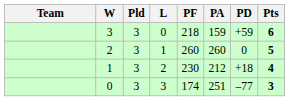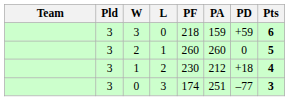 <table class="wikitable" style="text-align:center;">
 <tr>
 <th width=120>Team</th>
+<th width=30>Pld</th>
 <th width=30>W</th>
-<th width=30>Pld</th>
 <th width=30>L</th>
 <th width=30>PF</th>
 <th width=30>PA</th>
 <th width=30>PD</th>
 <th width=30>Pts</th>
 </tr>
 <tr bgcolor="#ccffcc">
 <td align="left"></td>
 <td>3</td>
 <td>3</td>
 <td>0</td>
 <td>218</td>
 <td>159</td>
 <td>+59</td>
 <td><strong>6</strong></td>
 </tr>
 <tr bgcolor="#ccffcc">
 <td align="left"></td>
+<td>3</td>
 <td>2</td>
-<td>3</td>
 <td>1</td>
 <td>260</td>
 <td>260</td>
 <td>0</td>
 <td><strong>5</strong></td>
 </tr>
 <tr bgcolor="#ccffcc">
 <td align="left"></td>
+<td>3</td>
 <td>1</td>
-<td>3</td>
 <td>2</td>
 <td>230</td>
 <td>212</td>
 <td>+18</td>
 <td><strong>4</strong></td>
 </tr>
 <tr bgcolor="#ccffcc">
 <td align="left"></td>
+<td>3</td>
 <td>0</td>
-<td>3</td>
 <td>3</td>
 <td>174</td>
 <td>251</td>
 <td>–77</td>
 <td><strong>3</strong></td>
 </tr>
 </table>
